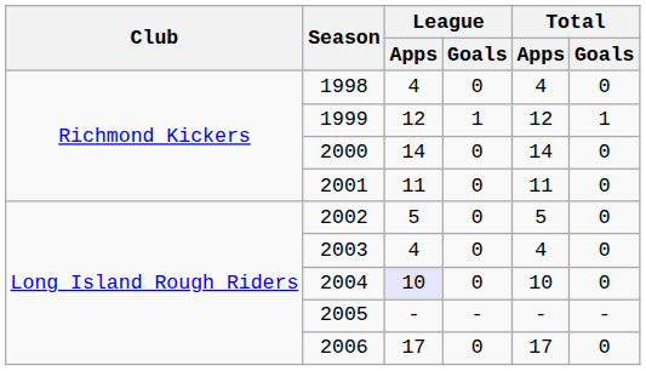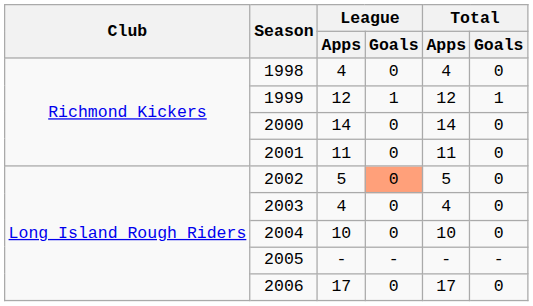 <table class="wikitable" style="text-align:center;">
 <tr>
 <th rowspan="2">Club</th>
 <th rowspan="2">Season</th>
 <th colspan="2">League</th>
 <th colspan="2">Total</th>
 </tr>
 <tr>
 <th>Apps</th>
 <th>Goals</th>
 <th>Apps</th>
 <th>Goals</th>
 </tr>
 <tr>
 <td rowspan="4"><a href='#'>Richmond Kickers</a></td>
 <td>1998</td>
 <td>4</td>
 <td>0</td>
 <td>4</td>
 <td>0</td>
 </tr>
 <tr>
 <td>1999</td>
 <td>12</td>
 <td>1</td>
 <td>12</td>
 <td>1</td>
 </tr>
 <tr>
 <td>2000</td>
 <td>14</td>
 <td>0</td>
 <td>14</td>
 <td>0</td>
 </tr>
 <tr>
 <td>2001</td>
 <td>11</td>
 <td>0</td>
 <td>11</td>
 <td>0</td>
 </tr>
 <tr>
 <td rowspan="5"><a href='#'>Long Island Rough Riders</a></td>
 <td>2002</td>
 <td>5</td>
-<td>0</td>
+<td style="background: lightsalmon;">0</td>
 <td>5</td>
 <td>0</td>
 </tr>
 <tr>
 <td>2003</td>
 <td>4</td>
 <td>0</td>
 <td>4</td>
 <td>0</td>
 </tr>
 <tr>
 <td>2004</td>
-<td style="background: lavender;">10</td>
+<td>10</td>
 <td>0</td>
 <td>10</td>
 <td>0</td>
 </tr>
 <tr>
 <td>2005</td>
 <td>-</td>
 <td>-</td>
 <td>-</td>
 <td>-</td>
 </tr>
 <tr>
 <td>2006</td>
 <td>17</td>
 <td>0</td>
 <td>17</td>
 <td>0</td>
 </tr>
 </table>
